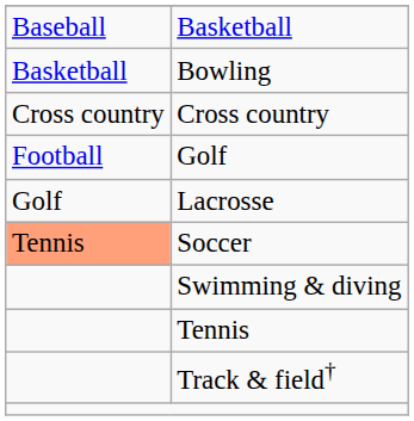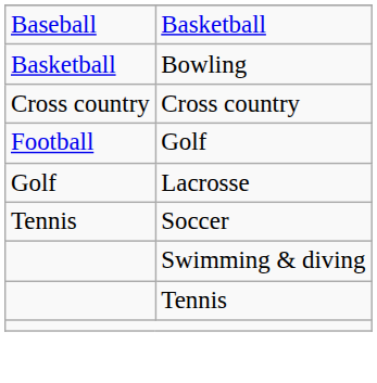 <table class="wikitable" style=" ">
 <tr>
 </tr>
 <tr>
 <td><a href='#'>Baseball</a></td>
 <td><a href='#'>Basketball</a></td>
 </tr>
 <tr>
 <td><a href='#'>Basketball</a></td>
 <td>Bowling</td>
 </tr>
 <tr>
 <td>Cross country</td>
 <td>Cross country</td>
 </tr>
 <tr>
 <td><a href='#'>Football</a></td>
 <td>Golf</td>
 </tr>
 <tr>
 <td>Golf</td>
 <td>Lacrosse</td>
 </tr>
 <tr>
-<td style="background: lightsalmon;">Tennis</td>
+<td>Tennis</td>
 <td>Soccer</td>
 </tr>
 <tr>
 <td></td>
 <td>Swimming & diving</td>
 </tr>
 <tr>
 <td></td>
 <td>Tennis</td>
 </tr>
 <tr>
-<td></td>
-<td>Track & field<sup>†</sup></td>
-</tr>
-<tr>
 <td colspan="2"></td>
 </tr>
 </table>
